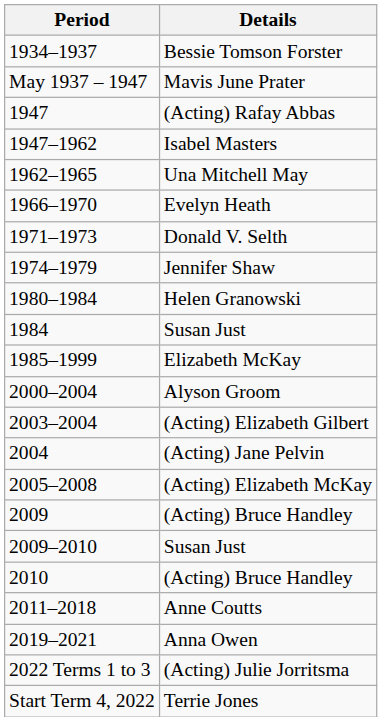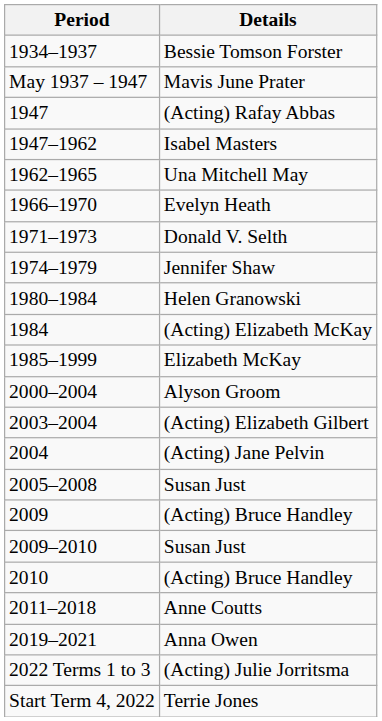 <table class="wikitable">
 <tr>
 <th>Period</th>
 <th>Details</th>
 </tr>
 <tr>
 <td>1934–1937</td>
 <td>Bessie Tomson Forster</td>
 </tr>
 <tr>
 <td>May 1937 – 1947</td>
 <td>Mavis June Prater</td>
 </tr>
 <tr>
 <td>1947</td>
 <td>(Acting) Rafay Abbas</td>
 </tr>
 <tr>
 <td>1947–1962</td>
 <td>Isabel Masters</td>
 </tr>
 <tr>
 <td>1962–1965</td>
 <td>Una Mitchell May</td>
 </tr>
 <tr>
 <td>1966–1970</td>
 <td>Evelyn Heath</td>
 </tr>
 <tr>
 <td>1971–1973</td>
 <td>Donald V. Selth</td>
 </tr>
 <tr>
 <td>1974–1979</td>
 <td>Jennifer Shaw</td>
 </tr>
 <tr>
 <td>1980–1984</td>
 <td>Helen Granowski</td>
 </tr>
 <tr>
 <td>1984</td>
-<td>Susan Just</td>
+<td>(Acting) Elizabeth McKay</td>
 </tr>
 <tr>
 <td>1985–1999</td>
 <td>Elizabeth McKay</td>
 </tr>
 <tr>
 <td>2000–2004</td>
 <td>Alyson Groom</td>
 </tr>
 <tr>
 <td>2003–2004</td>
 <td>(Acting) Elizabeth Gilbert</td>
 </tr>
 <tr>
 <td>2004</td>
 <td>(Acting) Jane Pelvin</td>
 </tr>
 <tr>
 <td>2005–2008</td>
-<td>(Acting) Elizabeth McKay</td>
+<td>Susan Just</td>
 </tr>
 <tr>
 <td>2009</td>
 <td>(Acting) Bruce Handley</td>
 </tr>
 <tr>
 <td>2009–2010</td>
 <td>Susan Just</td>
 </tr>
 <tr>
 <td>2010</td>
 <td>(Acting) Bruce Handley</td>
 </tr>
 <tr>
 <td>2011–2018</td>
 <td>Anne Coutts</td>
 </tr>
 <tr>
 <td>2019–2021</td>
 <td>Anna Owen</td>
 </tr>
 <tr>
 <td>2022 Terms 1 to 3</td>
 <td>(Acting) Julie Jorritsma</td>
 </tr>
 <tr>
 <td>Start Term 4, 2022</td>
 <td>Terrie Jones</td>
 </tr>
 </table>
